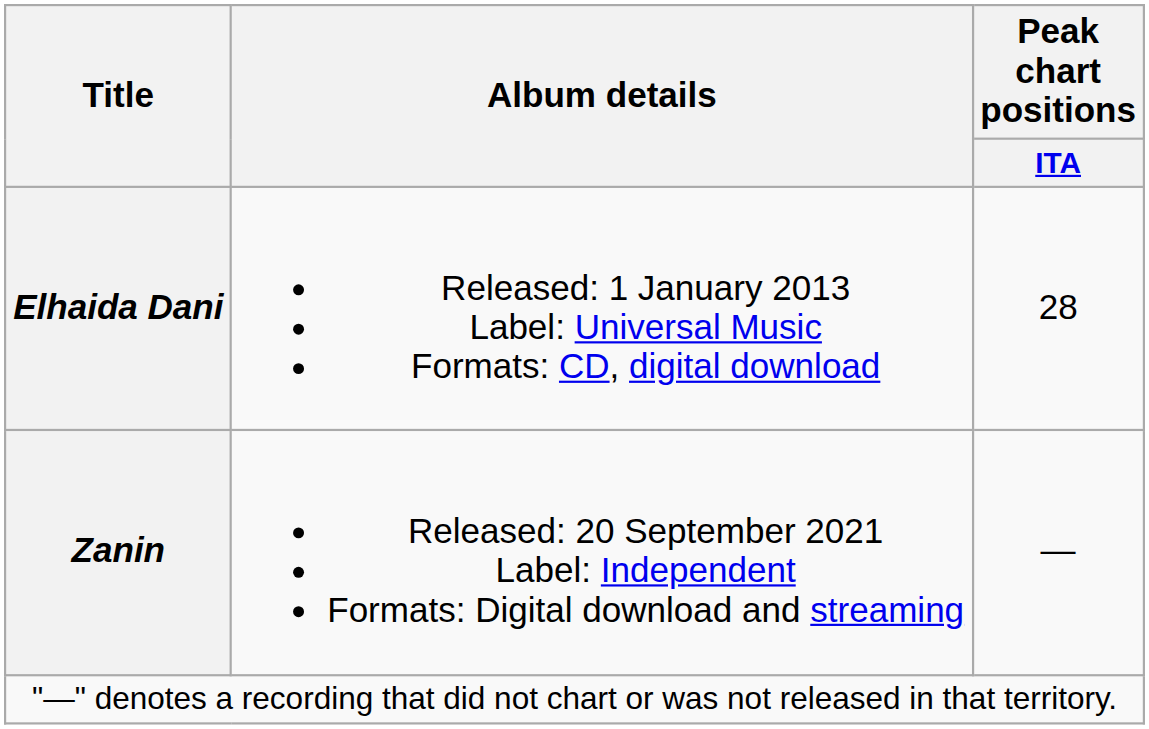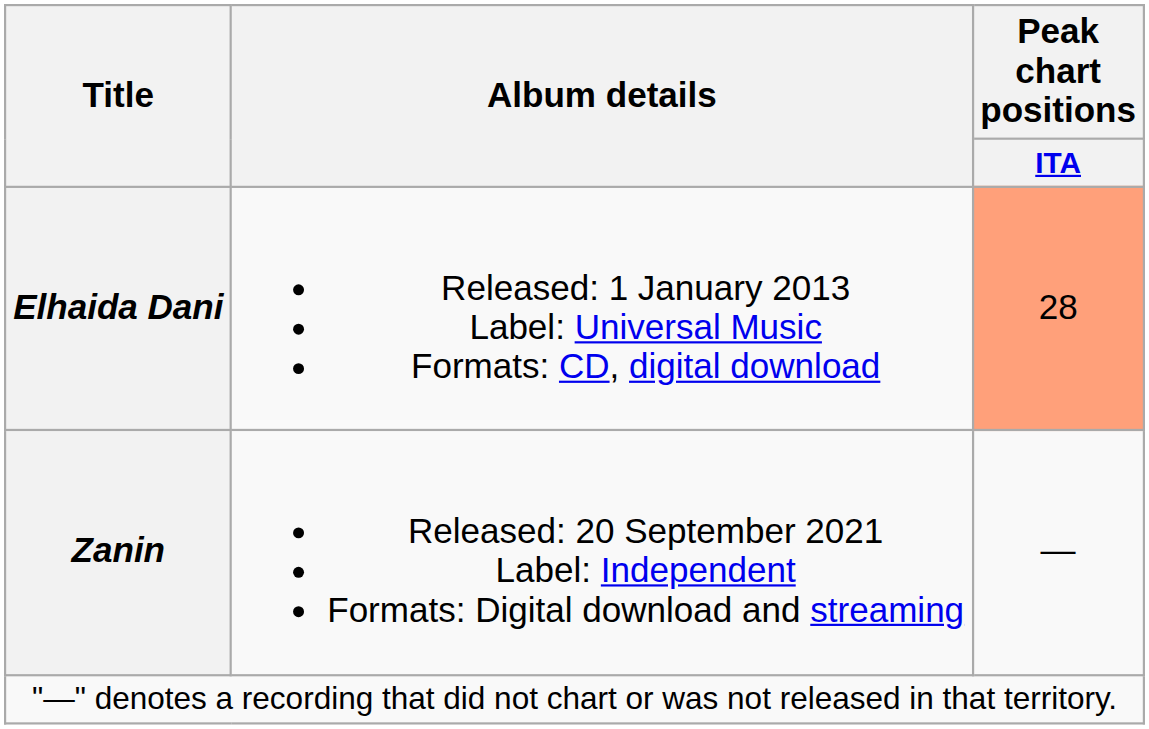 <table class="wikitable plainrowheaders" style="text-align:center;" border="1">
 <tr>
 <th scope="col" rowspan="2">Title</th>
 <th scope="col" rowspan="2">Album details</th>
 <th scope="col" colspan="1">Peak<br>chart<br>positions</th>
 </tr>
 <tr>
 <th scope="col" style="width:3em;font-size:85%;"><a href='#'>ITA</a><br></th>
 </tr>
 <tr>
 <th scope="row"><em>Elhaida Dani</em></th>
 <td><br><ul><li>Released: 1 January 2013</li><li>Label: <a href='#'>Universal Music</a></li><li>Formats: <a href='#'>CD</a>, <a href='#'>digital download</a></li></ul></td>
-<td>28</td>
+<td style="background: lightsalmon;">28</td>
 </tr>
 <tr>
 <th scope="row"><em>Zanin</em></th>
 <td><br><ul><li>Released: 20 September 2021</li><li>Label: <a href='#'>Independent</a></li><li>Formats: Digital download and <a href='#'>streaming</a></li></ul></td>
 <td>—</td>
 </tr>
 <tr>
 <td colspan="11" style="font-size:90%">"—" denotes a recording that did not chart or was not released in that territory.</td>
 </tr>
 </table>
